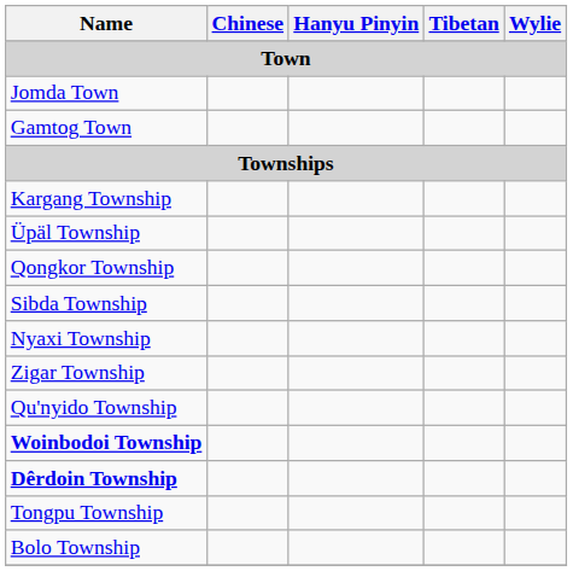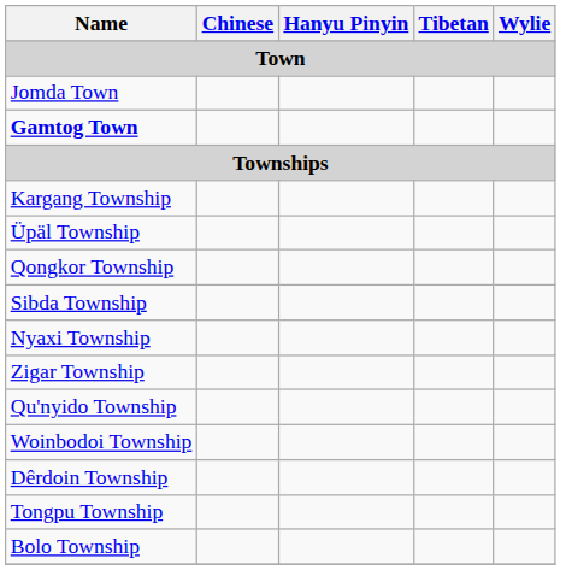 <table class="wikitable"  style="font-size:90%;" align=center>
 <tr>
 <th>Name</th>
 <th><a href='#'>Chinese</a></th>
 <th><a href='#'>Hanyu Pinyin</a></th>
 <th><a href='#'>Tibetan</a></th>
 <th><a href='#'>Wylie</a></th>
 </tr>
 <tr --------->
 <td colspan="7"  style="text-align:center; background:#d3d3d3;"><strong>Town</strong></td>
 </tr>
 <tr --------->
 <td><a href='#'>Jomda Town</a></td>
 <td></td>
 <td></td>
 <td></td>
 <td></td>
 </tr>
 <tr>
-<td><a href='#'>Gamtog Town</a></td>
+<td><strong><a href='#'>Gamtog Town</a></strong></td>
 <td></td>
 <td></td>
 <td></td>
 <td></td>
 </tr>
 <tr --------->
 <td colspan="7"  style="text-align:center; background:#d3d3d3;"><strong>Townships</strong></td>
 </tr>
 <tr --------->
 <td><a href='#'>Kargang Township</a></td>
 <td></td>
 <td></td>
 <td></td>
 <td></td>
 </tr>
 <tr>
 <td><a href='#'>Üpäl Township</a></td>
 <td></td>
 <td></td>
 <td></td>
 <td></td>
 </tr>
 <tr>
 <td><a href='#'>Qongkor Township</a></td>
 <td></td>
 <td></td>
 <td></td>
 <td></td>
 </tr>
 <tr>
 <td><a href='#'>Sibda Township</a></td>
 <td></td>
 <td></td>
 <td></td>
 <td></td>
 </tr>
 <tr>
 <td><a href='#'>Nyaxi Township</a></td>
 <td></td>
 <td></td>
 <td></td>
 <td></td>
 </tr>
 <tr>
 <td><a href='#'>Zigar Township</a></td>
 <td></td>
 <td></td>
 <td></td>
 <td></td>
 </tr>
 <tr>
 <td><a href='#'>Qu'nyido Township</a></td>
 <td></td>
 <td></td>
 <td></td>
 <td></td>
 </tr>
 <tr>
-<td><strong><a href='#'>Woinbodoi Township</a></strong></td>
+<td><a href='#'>Woinbodoi Township</a></td>
 <td></td>
 <td></td>
 <td></td>
 <td></td>
 </tr>
 <tr>
-<td><strong><a href='#'>Dêrdoin Township</a></strong></td>
+<td><a href='#'>Dêrdoin Township</a></td>
 <td></td>
 <td></td>
 <td></td>
 <td></td>
 </tr>
 <tr>
 <td><a href='#'>Tongpu Township</a></td>
 <td></td>
 <td></td>
 <td></td>
 <td></td>
 </tr>
 <tr>
 <td><a href='#'>Bolo Township</a></td>
 <td></td>
 <td></td>
 <td></td>
 <td></td>
 </tr>
 <tr>
 </tr>
 </table>
